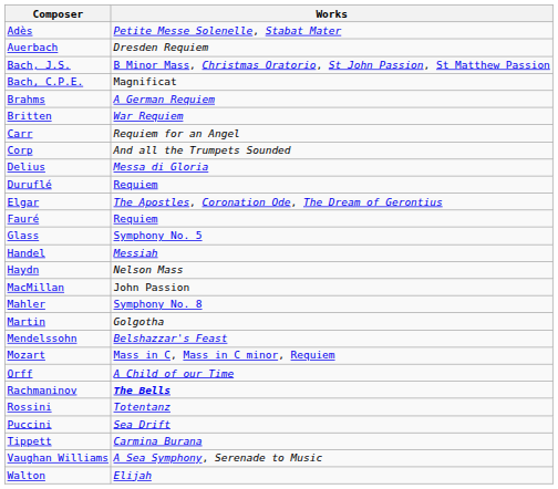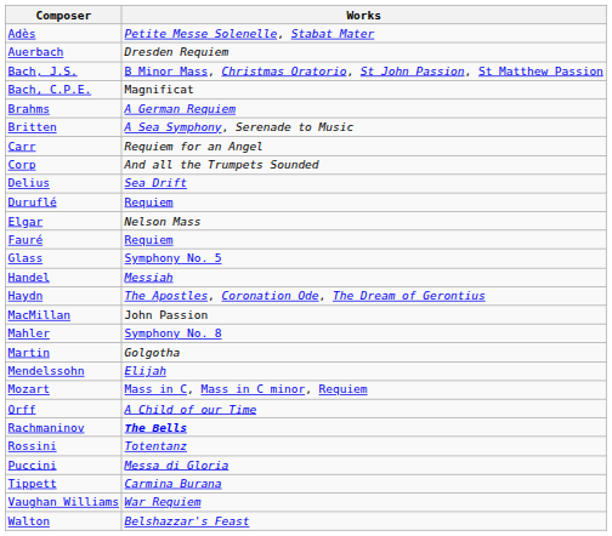 <table class="wikitable">
 <tr>
 <th>Composer</th>
 <th>Works</th>
 </tr>
 <tr>
 <td><a href='#'>Adès</a></td>
 <td><em><a href='#'>Petite Messe Solenelle</a></em>, <em><a href='#'>Stabat Mater</a></em></td>
 </tr>
 <tr>
 <td><a href='#'>Auerbach</a></td>
 <td><em>Dresden Requiem</em></td>
 </tr>
 <tr>
 <td><a href='#'>Bach, J.S.</a></td>
 <td><a href='#'>B Minor Mass</a>, <em><a href='#'>Christmas Oratorio</a></em>, <em><a href='#'>St John Passion</a></em>, <a href='#'>St Matthew Passion</a></td>
 </tr>
 <tr>
 <td><a href='#'>Bach, C.P.E.</a></td>
 <td>Magnificat</td>
 </tr>
 <tr>
 <td><a href='#'>Brahms</a></td>
 <td><a href='#'><em>A German Requiem</em></a></td>
 </tr>
 <tr>
 <td><a href='#'>Britten</a></td>
-<td><em><a href='#'>War Requiem</a></em></td>
+<td><em><a href='#'>A Sea Symphony</a></em>, <em>Serenade to Music</em></td>
 </tr>
 <tr>
 <td><a href='#'>Carr</a></td>
 <td><em>Requiem for an Angel</em></td>
 </tr>
 <tr>
 <td><a href='#'>Corp</a></td>
 <td><em>And all the Trumpets Sounded</em></td>
 </tr>
 <tr>
 <td><a href='#'>Delius</a></td>
-<td><em><a href='#'>Messa di Gloria</a></em></td>
+<td><em><a href='#'>Sea Drift</a></em></td>
 </tr>
 <tr>
 <td><a href='#'>Duruflé</a></td>
 <td><a href='#'>Requiem</a></td>
 </tr>
 <tr>
 <td><a href='#'>Elgar</a></td>
-<td><a href='#'><em>The Apostles</em></a>, <em><a href='#'>Coronation Ode</a></em>, <em><a href='#'>The Dream of Gerontius</a></em></td>
+<td><em>Nelson Mass</em></td>
 </tr>
 <tr>
 <td><a href='#'>Fauré</a></td>
 <td><a href='#'>Requiem</a></td>
 </tr>
 <tr>
 <td><a href='#'>Glass</a></td>
 <td><a href='#'>Symphony No. 5</a></td>
 </tr>
 <tr>
 <td><a href='#'>Handel</a></td>
 <td><em><a href='#'>Messiah</a></em></td>
 </tr>
 <tr>
 <td><a href='#'>Haydn</a></td>
-<td><em>Nelson Mass</em></td>
+<td><a href='#'><em>The Apostles</em></a>, <em><a href='#'>Coronation Ode</a></em>, <em><a href='#'>The Dream of Gerontius</a></em></td>
 </tr>
 <tr>
 <td><a href='#'>MacMillan</a></td>
 <td>John Passion</td>
 </tr>
 <tr>
 <td><a href='#'>Mahler</a></td>
 <td><a href='#'>Symphony No. 8</a></td>
 </tr>
 <tr>
 <td><a href='#'>Martin</a></td>
 <td><em>Golgotha</em></td>
 </tr>
 <tr>
 <td><a href='#'>Mendelssohn</a></td>
-<td><em><a href='#'>Belshazzar's Feast</a></em></td>
+<td><em><a href='#'>Elijah</a></em></td>
 </tr>
 <tr>
 <td><a href='#'>Mozart</a></td>
 <td><a href='#'>Mass in C</a>, <a href='#'>Mass in C minor</a>, <a href='#'>Requiem</a></td>
 </tr>
 <tr>
 <td><a href='#'>Orff</a></td>
 <td><em><a href='#'>A Child of our Time</a></em></td>
 </tr>
 <tr>
 <td><a href='#'>Rachmaninov</a></td>
 <td><strong><a href='#'><em>The Bells</em></a></strong></td>
 </tr>
 <tr>
 <td><a href='#'>Rossini</a></td>
 <td><a href='#'><em>Totentanz</em></a></td>
 </tr>
 <tr>
 <td><a href='#'>Puccini</a></td>
-<td><em><a href='#'>Sea Drift</a></em></td>
+<td><em><a href='#'>Messa di Gloria</a></em></td>
 </tr>
 <tr>
 <td><a href='#'>Tippett</a></td>
 <td><em><a href='#'>Carmina Burana</a></em></td>
 </tr>
 <tr>
 <td><a href='#'>Vaughan Williams</a></td>
-<td><em><a href='#'>A Sea Symphony</a></em>, <em>Serenade to Music</em></td>
+<td><em><a href='#'>War Requiem</a></em></td>
 </tr>
 <tr>
 <td><a href='#'>Walton</a></td>
-<td><em><a href='#'>Elijah</a></em></td>
+<td><em><a href='#'>Belshazzar's Feast</a></em></td>
 </tr>
 </table>
